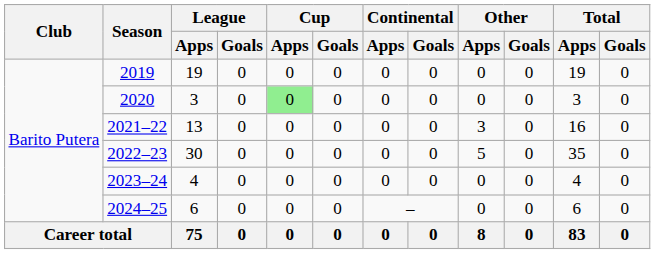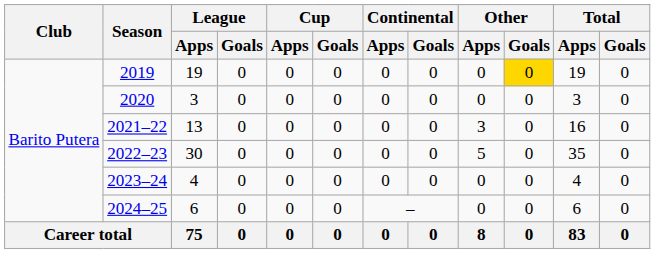 <table class="wikitable" style="text-align: center">
 <tr>
 <th rowspan="2">Club</th>
 <th rowspan="2">Season</th>
 <th colspan="2">League</th>
 <th colspan="2">Cup</th>
 <th colspan="2">Continental</th>
 <th colspan="2">Other</th>
 <th colspan="2">Total</th>
 </tr>
 <tr>
 <th>Apps</th>
 <th>Goals</th>
 <th>Apps</th>
 <th>Goals</th>
 <th>Apps</th>
 <th>Goals</th>
 <th>Apps</th>
 <th>Goals</th>
 <th>Apps</th>
 <th>Goals</th>
 </tr>
 <tr>
 <td rowspan="6"><a href='#'>Barito Putera</a></td>
 <td><a href='#'>2019</a></td>
 <td>19</td>
 <td>0</td>
 <td>0</td>
 <td>0</td>
 <td>0</td>
 <td>0</td>
 <td>0</td>
-<td>0</td>
+<td style="background: gold;">0</td>
 <td>19</td>
 <td>0</td>
 </tr>
 <tr>
 <td><a href='#'>2020</a></td>
 <td>3</td>
 <td>0</td>
-<td style="background: lightgreen;">0</td>
+<td>0</td>
 <td>0</td>
 <td>0</td>
 <td>0</td>
 <td>0</td>
 <td>0</td>
 <td>3</td>
 <td>0</td>
 </tr>
 <tr>
 <td><a href='#'>2021–22</a></td>
 <td>13</td>
 <td>0</td>
 <td>0</td>
 <td>0</td>
 <td>0</td>
 <td>0</td>
 <td>3</td>
 <td>0</td>
 <td>16</td>
 <td>0</td>
 </tr>
 <tr>
 <td><a href='#'>2022–23</a></td>
 <td>30</td>
 <td>0</td>
 <td>0</td>
 <td>0</td>
 <td>0</td>
 <td>0</td>
 <td>5</td>
 <td>0</td>
 <td>35</td>
 <td>0</td>
 </tr>
 <tr>
 <td><a href='#'>2023–24</a></td>
 <td>4</td>
 <td>0</td>
 <td>0</td>
 <td>0</td>
 <td>0</td>
 <td>0</td>
 <td>0</td>
 <td>0</td>
 <td>4</td>
 <td>0</td>
 </tr>
 <tr>
 <td><a href='#'>2024–25</a></td>
 <td>6</td>
 <td>0</td>
 <td>0</td>
 <td>0</td>
 <td colspan="2">–</td>
 <td>0</td>
 <td>0</td>
 <td>6</td>
 <td>0</td>
 </tr>
 <tr>
 <th colspan=2>Career total</th>
 <th>75</th>
 <th>0</th>
 <th>0</th>
 <th>0</th>
 <th>0</th>
 <th>0</th>
 <th>8</th>
 <th>0</th>
 <th>83</th>
 <th>0</th>
 </tr>
 </table>
